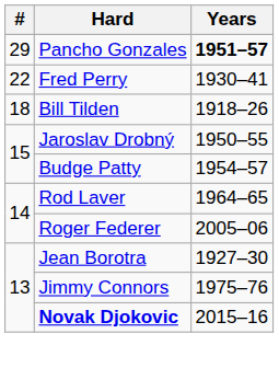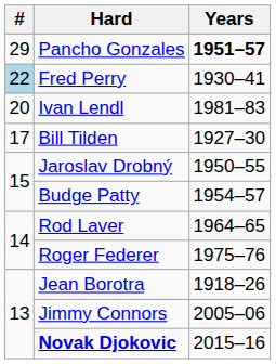 <table class=wikitable style="display:inline-table;">
 <tr>
 <th>#</th>
 <th>Hard</th>
 <th>Years</th>
 </tr>
 <tr>
 <td>29</td>
 <td> <a href='#'>Pancho Gonzales</a></td>
 <td><strong>1951–57</strong></td>
 </tr>
 <tr>
-<td>22</td>
+<td style="background: lightblue;">22</td>
 <td> <a href='#'>Fred Perry</a></td>
 <td>1930–41</td>
 </tr>
 <tr>
-<td>18</td>
+<td>20</td>
+<td> <a href='#'>Ivan Lendl</a></td>
+<td>1981–83</td>
+</tr>
+<tr>
+<td>17</td>
 <td> <a href='#'>Bill Tilden</a></td>
-<td>1918–26</td>
+<td>1927–30</td>
 </tr>
 <tr>
 <td rowspan="2">15</td>
 <td> <a href='#'>Jaroslav Drobný</a></td>
 <td>1950–55</td>
 </tr>
 <tr>
 <td> <a href='#'>Budge Patty</a></td>
 <td>1954–57</td>
 </tr>
 <tr>
 <td rowspan="2">14</td>
 <td> <a href='#'>Rod Laver</a></td>
 <td>1964–65</td>
 </tr>
 <tr>
 <td> <a href='#'>Roger Federer</a></td>
-<td>2005–06</td>
+<td>1975–76</td>
 </tr>
 <tr>
 <td rowspan="3">13</td>
 <td> <a href='#'>Jean Borotra</a></td>
-<td>1927–30</td>
+<td>1918–26</td>
 </tr>
 <tr>
 <td> <a href='#'>Jimmy Connors</a></td>
-<td>1975–76</td>
+<td>2005–06</td>
 </tr>
 <tr>
 <td> <strong><a href='#'>Novak Djokovic</a></strong></td>
 <td>2015–16</td>
 </tr>
 </table>
